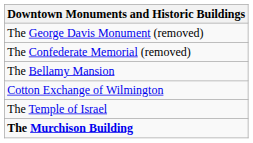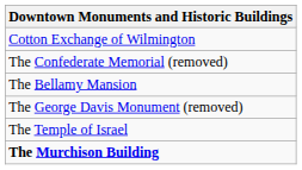 <table class="wikitable">
 <tr>
 <th>Downtown Monuments and Historic Buildings</th>
 </tr>
 <tr>
-<td>The <a href='#'>George Davis Monument</a> (removed)</td>
+<td><a href='#'>Cotton Exchange of Wilmington</a></td>
 </tr>
 <tr>
 <td>The <a href='#'>Confederate Memorial</a> (removed)</td>
 </tr>
 <tr>
 <td>The <a href='#'>Bellamy Mansion</a></td>
 </tr>
 <tr>
-<td><a href='#'>Cotton Exchange of Wilmington</a></td>
+<td>The <a href='#'>George Davis Monument</a> (removed)</td>
 </tr>
 <tr>
 <td>The <a href='#'>Temple of Israel</a></td>
 </tr>
 <tr>
 <td><strong>The <a href='#'>Murchison Building</a></strong></td>
 </tr>
 </table>
